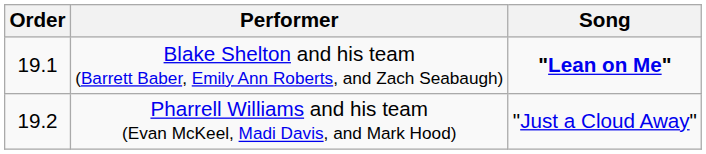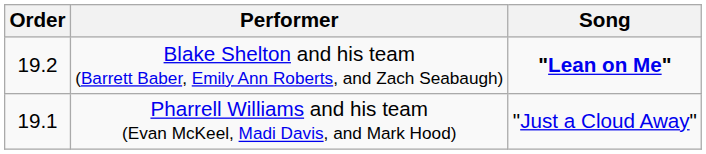 <table class="wikitable" style="text-align:center;">
 <tr>
 <th>Order</th>
 <th>Performer</th>
 <th>Song</th>
 </tr>
 <tr>
-<td>19.1</td>
+<td>19.2</td>
 <td><a href='#'>Blake Shelton</a> and his team <br><small>(<a href='#'>Barrett Baber</a>, <a href='#'>Emily Ann Roberts</a>, and Zach Seabaugh)</small></td>
 <td><strong>"<a href='#'>Lean on Me</a>"</strong></td>
 </tr>
 <tr>
-<td>19.2</td>
+<td>19.1</td>
 <td><a href='#'>Pharrell Williams</a> and his team <br><small>(Evan McKeel, <a href='#'>Madi Davis</a>, and Mark Hood)</small></td>
 <td>"<a href='#'>Just a Cloud Away</a>"</td>
 </tr>
 </table>
